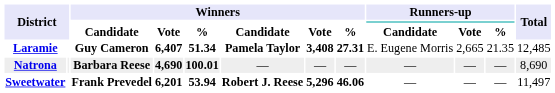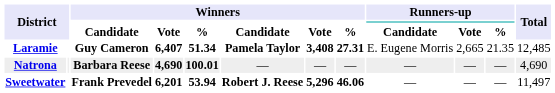 <table class="toccolours sortable" style="text-align:center;">
 <tr style="background:lavender">
 <th rowspan="3" colspan="2">District</th>
 <th colspan=6>Winners</th>
 <th colspan=3>Runners-up</th>
 <th rowspan="3">Total</th>
 </tr>
 <tr>
 <th colspan=6 style="background-color:"></th>
 <th colspan=3 style="background-color:#51C2C2"></th>
 </tr>
 <tr>
 <th align="center">Candidate</th>
 <th align="center">Vote</th>
 <th align="center">%</th>
 <th align="center">Candidate</th>
 <th align="center">Vote</th>
 <th align="center">%</th>
 <th align="center">Candidate</th>
 <th align="center">Vote</th>
 <th align="center">%</th>
 </tr>
 <tr>
 <th><a href='#'>Laramie</a></th>
 <td style="background-color:"></td>
 <td><strong>Guy Cameron</strong></td>
 <td><strong>6,407</strong></td>
 <td><strong>51.34</strong></td>
 <td><strong>Pamela Taylor</strong></td>
 <td><strong>3,408</strong></td>
 <td><strong>27.31</strong></td>
 <td>E. Eugene Morris</td>
 <td>2,665</td>
 <td>21.35</td>
 <td>12,485</td>
 </tr>
 <tr style="background:#EEEEEE;">
 <th><a href='#'>Natrona</a></th>
 <td style="background-color:"></td>
 <td><strong>Barbara Reese</strong></td>
 <td><strong>4,690</strong></td>
 <td><strong>100.01</strong></td>
 <td>—</td>
 <td>—</td>
 <td>—</td>
 <td>—</td>
 <td>—</td>
 <td>—</td>
-<td>8,690</td>
+<td>4,690</td>
 </tr>
 <tr>
 <th><a href='#'>Sweetwater</a></th>
 <td style="background-color:"></td>
 <td><strong>Frank Prevedel</strong></td>
 <td><strong>6,201</strong></td>
 <td><strong>53.94</strong></td>
 <td><strong>Robert J. Reese</strong></td>
 <td><strong>5,296</strong></td>
 <td><strong>46.06</strong></td>
 <td>—</td>
 <td>—</td>
 <td>—</td>
 <td>11,497</td>
 </tr>
 </table>
